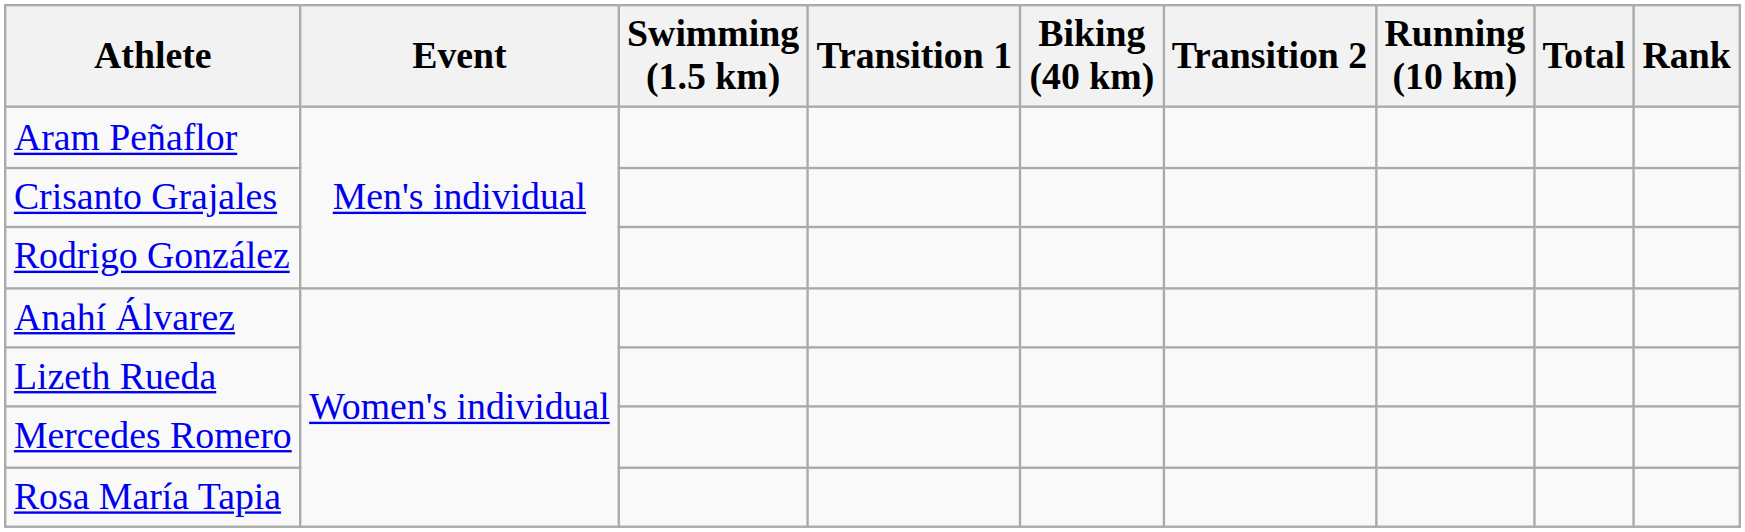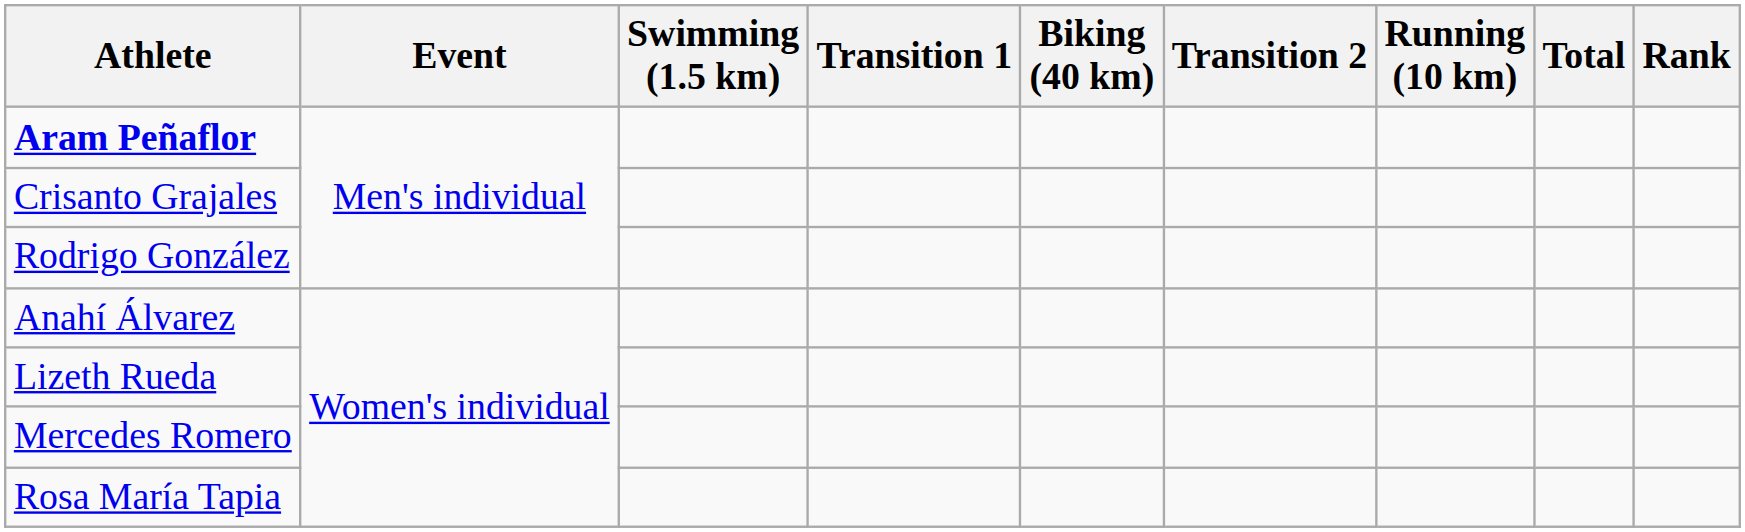 <table class="wikitable">
 <tr>
 <th>Athlete</th>
 <th>Event</th>
 <th>Swimming<br>(1.5 km)</th>
 <th>Transition 1</th>
 <th>Biking<br>(40 km)</th>
 <th>Transition 2</th>
 <th>Running<br>(10 km)</th>
 <th>Total</th>
 <th>Rank</th>
 </tr>
 <tr align=center>
-<td align=left><a href='#'>Aram Peñaflor</a></td>
+<td align=left><strong><a href='#'>Aram Peñaflor</a></strong></td>
 <td rowspan="3"><a href='#'>Men's individual</a></td>
 <td></td>
 <td></td>
 <td></td>
 <td></td>
 <td></td>
 <td></td>
 <td></td>
 </tr>
 <tr align=center>
 <td align=left><a href='#'>Crisanto Grajales</a></td>
 <td></td>
 <td></td>
 <td></td>
 <td></td>
 <td></td>
 <td></td>
 <td></td>
 </tr>
 <tr align=center>
 <td align=left><a href='#'>Rodrigo González</a></td>
 <td></td>
 <td></td>
 <td></td>
 <td></td>
 <td></td>
 <td></td>
 <td></td>
 </tr>
 <tr align=center>
 <td align=left><a href='#'>Anahí Álvarez</a></td>
 <td rowspan="4"><a href='#'>Women's individual</a></td>
 <td></td>
 <td></td>
 <td></td>
 <td></td>
 <td></td>
 <td></td>
 <td></td>
 </tr>
 <tr align=center>
 <td align=left><a href='#'>Lizeth Rueda</a></td>
 <td></td>
 <td></td>
 <td></td>
 <td></td>
 <td></td>
 <td></td>
 <td></td>
 </tr>
 <tr align=center>
 <td align=left><a href='#'>Mercedes Romero</a></td>
 <td></td>
 <td></td>
 <td></td>
 <td></td>
 <td></td>
 <td></td>
 <td></td>
 </tr>
 <tr align=center>
 <td align=left><a href='#'>Rosa María Tapia</a></td>
 <td></td>
 <td></td>
 <td></td>
 <td></td>
 <td></td>
 <td></td>
 <td></td>
 </tr>
 </table>
